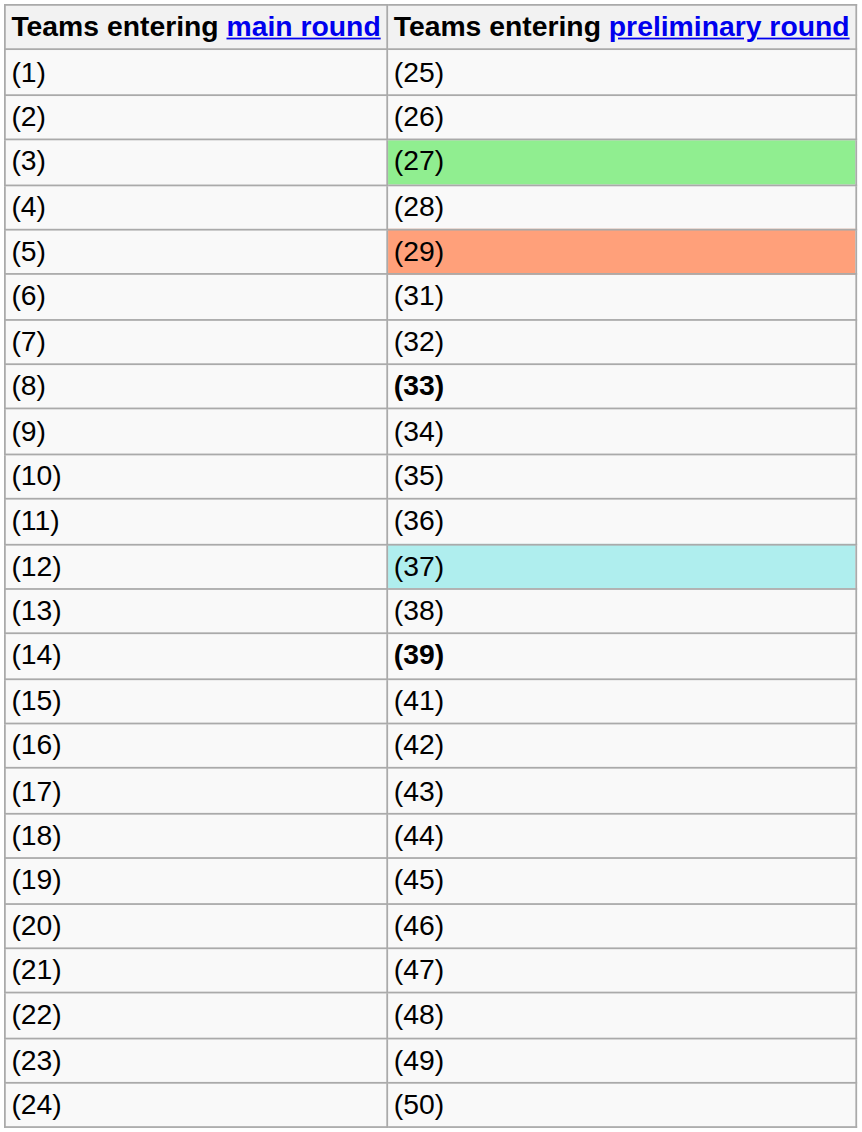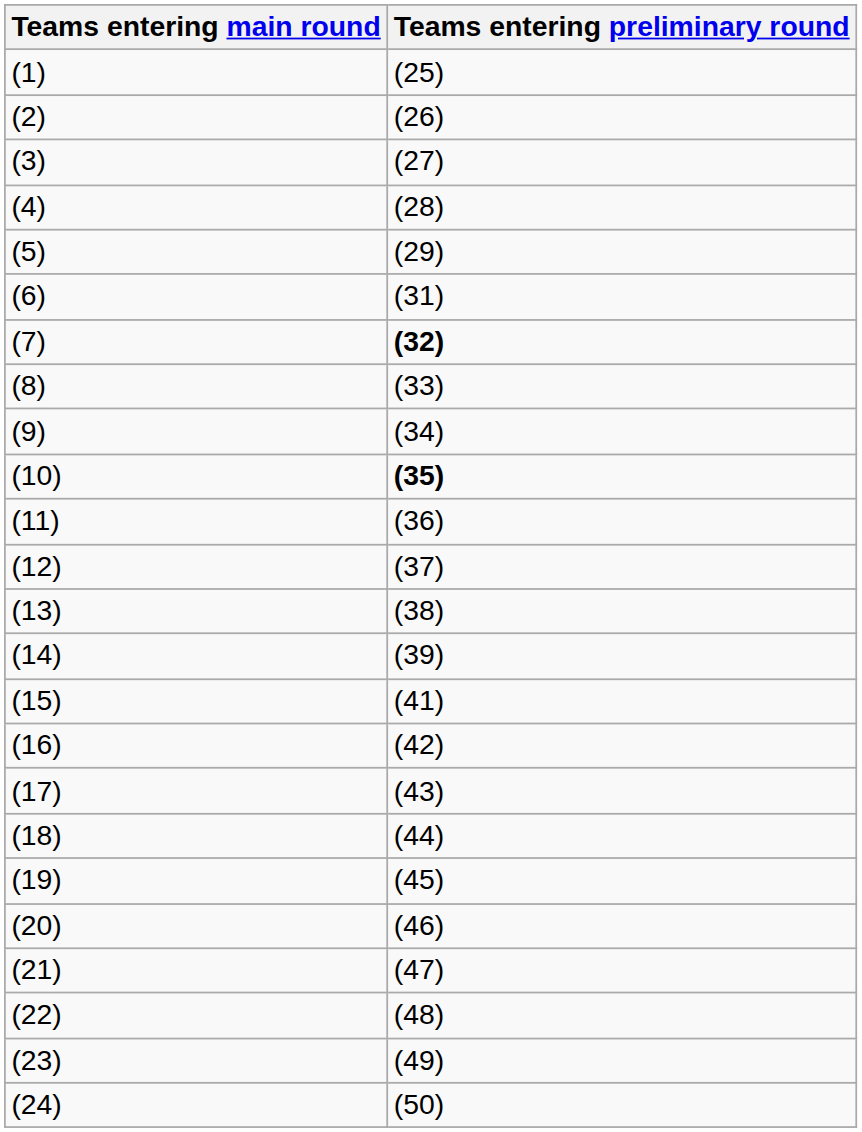 <table class="wikitable">
 <tr>
 <th>Teams entering <a href='#'>main round</a></th>
 <th>Teams entering <a href='#'>preliminary round</a></th>
 </tr>
 <tr>
 <td> (1)</td>
 <td> (25)</td>
 </tr>
 <tr>
 <td> (2)</td>
 <td> (26)</td>
 </tr>
 <tr>
 <td> (3)</td>
-<td style="background: lightgreen;"> (27)</td>
+<td> (27)</td>
 </tr>
 <tr>
 <td> (4)</td>
 <td> (28)</td>
 </tr>
 <tr>
 <td> (5)</td>
-<td style="background: lightsalmon;"> (29)</td>
+<td> (29)</td>
 </tr>
 <tr>
 <td> (6)</td>
 <td> (31)</td>
 </tr>
 <tr>
 <td> (7)</td>
-<td> (32)</td>
+<td><strong> (32)</strong></td>
 </tr>
 <tr>
 <td> (8)</td>
-<td><strong> (33)</strong></td>
+<td> (33)</td>
 </tr>
 <tr>
 <td> (9)</td>
 <td> (34)</td>
 </tr>
 <tr>
 <td> (10)</td>
-<td> (35)</td>
+<td><strong> (35)</strong></td>
 </tr>
 <tr>
 <td> (11)</td>
 <td> (36)</td>
 </tr>
 <tr>
 <td> (12)</td>
-<td style="background: paleturquoise;"> (37)</td>
+<td> (37)</td>
 </tr>
 <tr>
 <td> (13)</td>
 <td> (38)</td>
 </tr>
 <tr>
 <td> (14)</td>
-<td><strong> (39)</strong></td>
+<td> (39)</td>
 </tr>
 <tr>
 <td> (15)</td>
 <td> (41)</td>
 </tr>
 <tr>
 <td> (16)</td>
 <td> (42)</td>
 </tr>
 <tr>
 <td> (17)</td>
 <td> (43)</td>
 </tr>
 <tr>
 <td> (18)</td>
 <td> (44)</td>
 </tr>
 <tr>
 <td> (19)</td>
 <td> (45)</td>
 </tr>
 <tr>
 <td> (20)</td>
 <td> (46)</td>
 </tr>
 <tr>
 <td> (21)</td>
 <td> (47)</td>
 </tr>
 <tr>
 <td> (22)</td>
 <td> (48)</td>
 </tr>
 <tr>
 <td> (23)</td>
 <td> (49)</td>
 </tr>
 <tr>
 <td> (24)</td>
 <td> (50)</td>
 </tr>
 </table>
